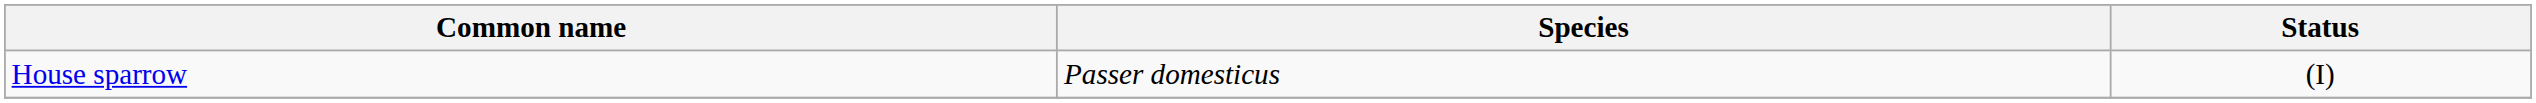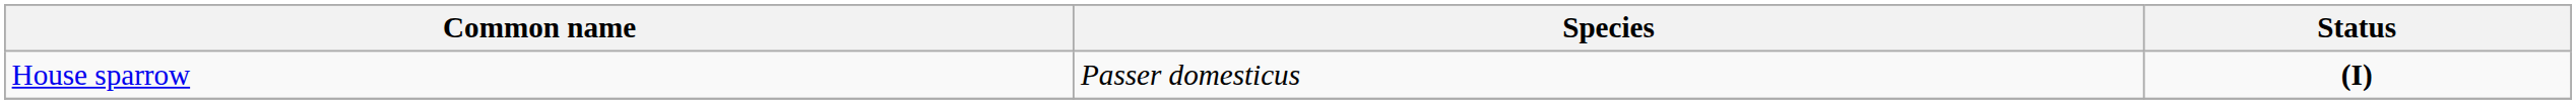 <table width=70% class="wikitable">
 <tr>
 <th width=20%>Common name</th>
 <th width=20%>Species</th>
 <th width=8%>Status</th>
 </tr>
 <tr>
 <td><a href='#'>House sparrow</a></td>
 <td><em>Passer domesticus</em></td>
-<td align=center>(I)</td>
+<td align=center><strong>(I)</strong></td>
 </tr>
 <tr>
 </tr>
 </table>
